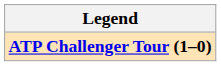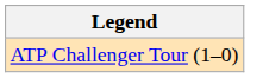 <table class="wikitable">
 <tr>
 <th>Legend</th>
 </tr>
 <tr style="background:moccasin">
-<td><strong><a href='#'>ATP Challenger Tour</a> (1–0)</strong></td>
+<td><a href='#'>ATP Challenger Tour</a> (1–0)</td>
 </tr>
 </table>
